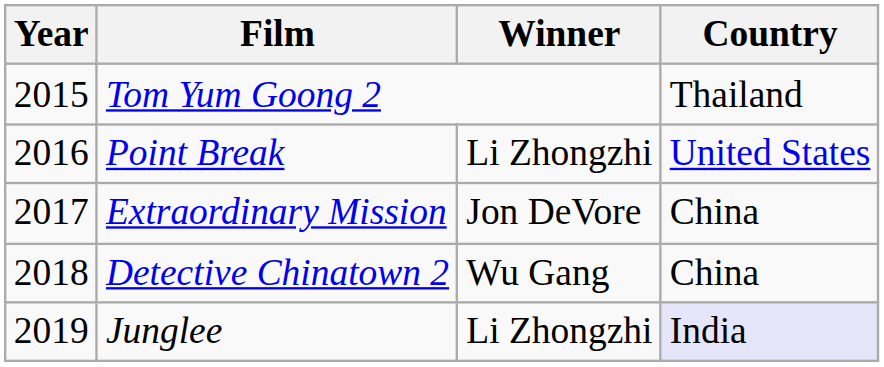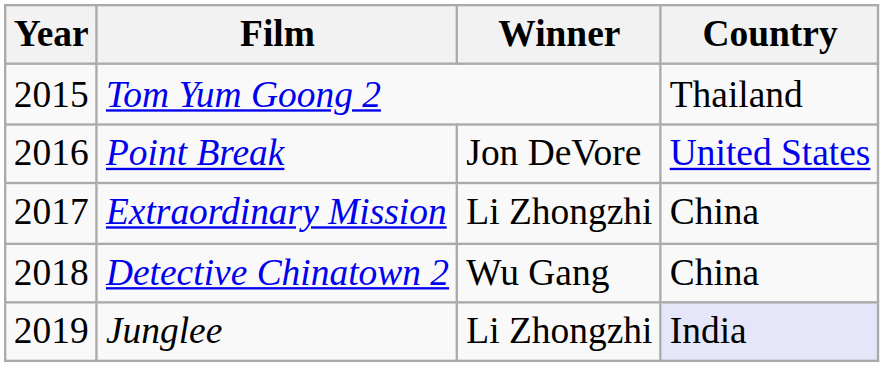 <table class="wikitable sortable plainrowheaders">
 <tr>
 <th>Year</th>
 <th>Film</th>
 <th>Winner</th>
 <th>Country</th>
 </tr>
 <tr>
 <td>2015</td>
 <td colspan=2><em><a href='#'>Tom Yum Goong 2</a></em></td>
 <td>Thailand</td>
 </tr>
 <tr>
 <td>2016</td>
 <td><em><a href='#'>Point Break</a></em></td>
-<td>Li Zhongzhi</td>
+<td>Jon DeVore</td>
 <td><a href='#'>United States</a></td>
 </tr>
 <tr>
 <td>2017</td>
 <td><em><a href='#'>Extraordinary Mission</a></em></td>
-<td>Jon DeVore</td>
+<td>Li Zhongzhi</td>
 <td>China</td>
 </tr>
 <tr>
 <td>2018</td>
 <td><em><a href='#'>Detective Chinatown 2</a></em></td>
 <td>Wu Gang</td>
 <td>China</td>
 </tr>
 <tr>
 <td>2019</td>
 <td><em>Junglee</em></td>
 <td>Li Zhongzhi</td>
 <td style="background: lavender;">India</td>
 </tr>
 </table>
